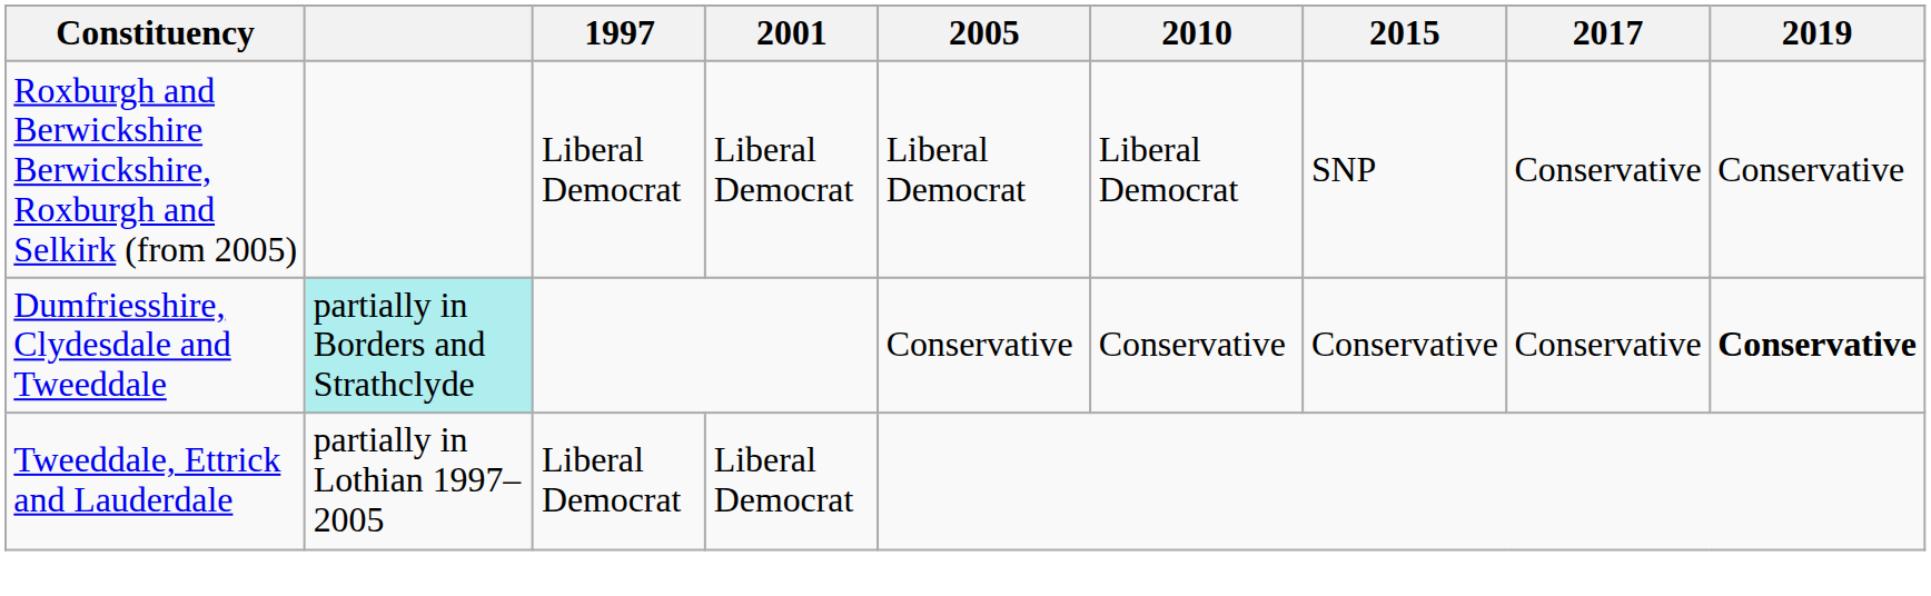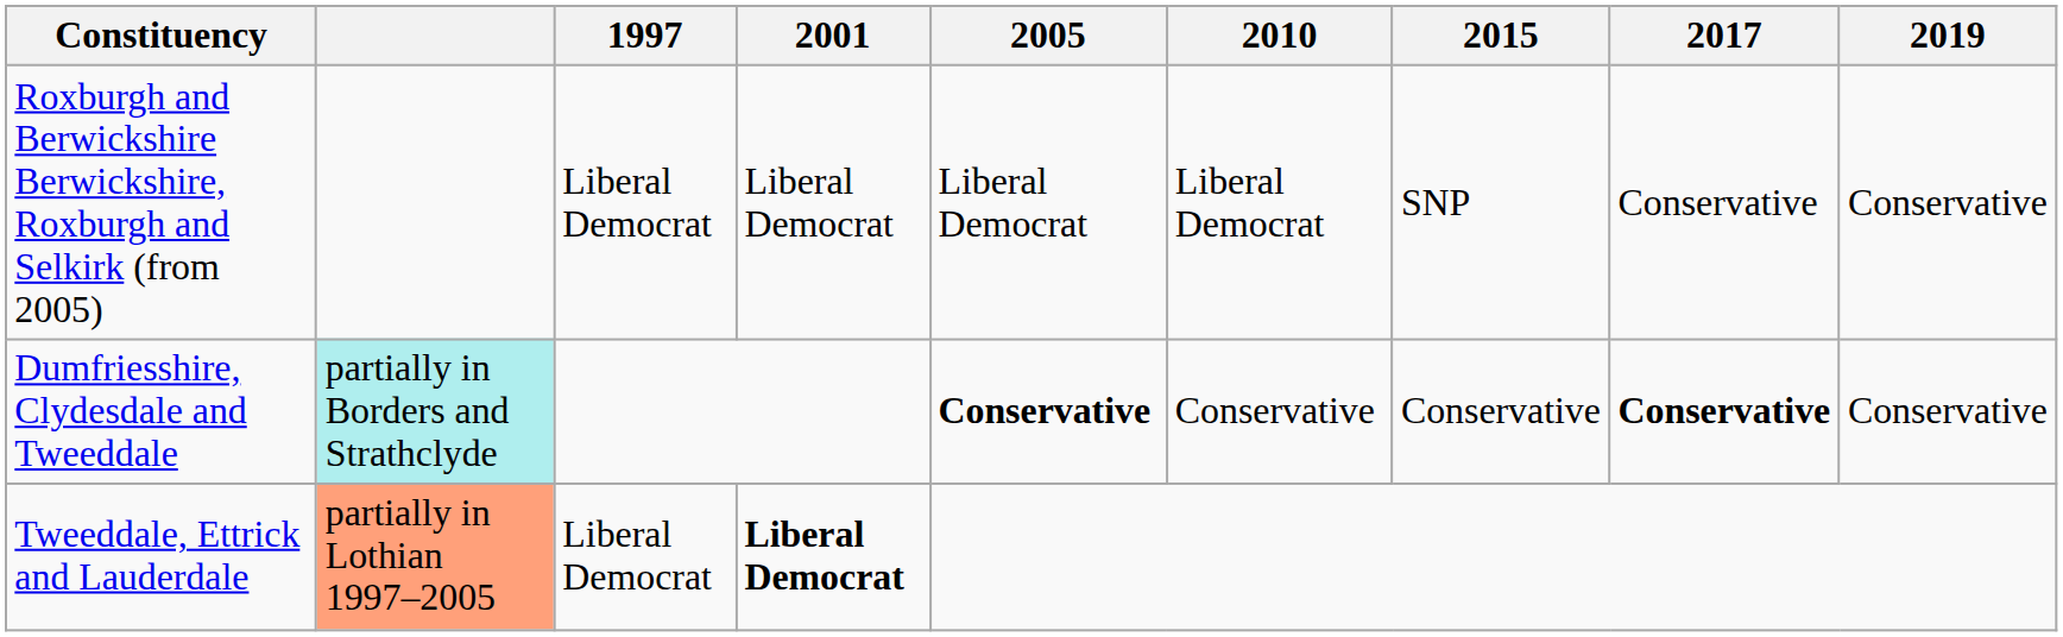 <table class="wikitable">
 <tr>
 <th>Constituency</th>
 <th></th>
 <th>1997</th>
 <th>2001</th>
 <th>2005</th>
 <th>2010</th>
 <th>2015</th>
 <th>2017</th>
 <th>2019</th>
 </tr>
 <tr>
 <td><a href='#'>Roxburgh and Berwickshire</a><br><a href='#'>Berwickshire, Roxburgh and Selkirk</a> (from 2005)</td>
 <td></td>
 <td bgcolor=>Liberal Democrat</td>
 <td bgcolor=>Liberal Democrat</td>
 <td bgcolor=>Liberal Democrat</td>
 <td bgcolor=>Liberal Democrat</td>
 <td bgcolor=>SNP</td>
 <td bgcolor=>Conservative</td>
 <td bgcolor=>Conservative</td>
 </tr>
 <tr>
 <td><a href='#'>Dumfriesshire, Clydesdale and Tweeddale</a></td>
 <td style="background: paleturquoise;">partially in Borders and Strathclyde</td>
 <td colspan="2"></td>
-<td bgcolor=>Conservative</td>
-<td bgcolor=>Conservative</td>
+<td bgcolor=><strong>Conservative</strong></td>
 <td bgcolor=>Conservative</td>
 <td bgcolor=>Conservative</td>
 <td bgcolor=><strong>Conservative</strong></td>
+<td bgcolor=>Conservative</td>
 </tr>
 <tr>
 <td><a href='#'>Tweeddale, Ettrick and Lauderdale</a></td>
-<td>partially in Lothian 1997–2005</td>
+<td style="background: lightsalmon;">partially in Lothian 1997–2005</td>
 <td bgcolor=>Liberal Democrat</td>
-<td bgcolor=>Liberal Democrat</td>
+<td bgcolor=><strong>Liberal Democrat</strong></td>
 <td colspan="5"></td>
 </tr>
 </table>
